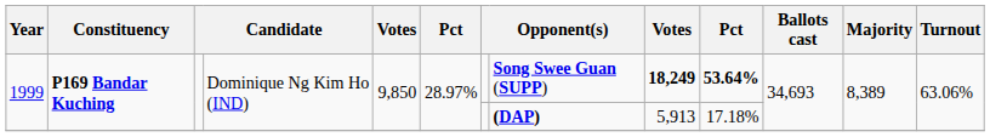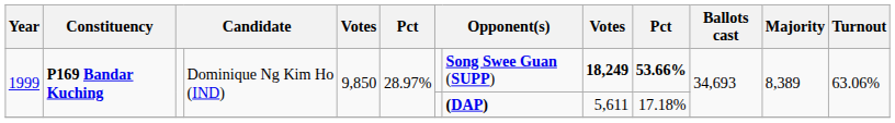 <table class="wikitable" style="margin:0.5em ; font-size:95%">
 <tr>
 <th>Year</th>
 <th>Constituency</th>
 <th colspan=2>Candidate</th>
 <th>Votes</th>
 <th>Pct</th>
 <th colspan=2>Opponent(s)</th>
 <th>Votes</th>
 <th>Pct</th>
 <th>Ballots cast</th>
 <th>Majority</th>
 <th>Turnout</th>
 </tr>
 <tr>
 <td rowspan=2><a href='#'>1999</a></td>
 <td rowspan=2><strong>P169 <a href='#'>Bandar Kuching</a></strong></td>
 <td rowspan=2 ></td>
 <td rowspan=2>Dominique Ng Kim Ho (<a href='#'>IND</a>)</td>
 <td rowspan=2 style="text-align:right;">9,850</td>
 <td rowspan=2 style="text-align:right;">28.97%</td>
 <td></td>
 <td><strong><a href='#'>Song Swee Guan</a></strong> (<a href='#'><strong>SUPP</strong></a>)</td>
 <td style="text-align:right;"><strong>18,249</strong></td>
-<td style="text-align:right;"><strong>53.64%</strong></td>
+<td style="text-align:right;"><strong>53.66%</strong></td>
 <td rowspan=2>34,693</td>
 <td rowspan=2>8,389</td>
 <td rowspan=2>63.06%</td>
 </tr>
 <tr>
 <td></td>
 <td><strong> (<a href='#'>DAP</a>)</strong></td>
-<td style="text-align:right;">5,913</td>
+<td style="text-align:right;">5,611</td>
 <td style="text-align:right;">17.18%</td>
 </tr>
 <tr>
 </tr>
 </table>
